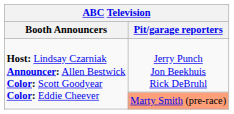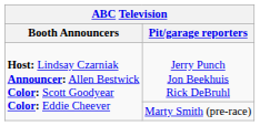 <table class="wikitable" style="font-size: 95%;">
 <tr>
 <th colspan=2><a href='#'>ABC</a> <a href='#'>Television</a></th>
 </tr>
 <tr>
 <th>Booth Announcers</th>
 <th><a href='#'>Pit/garage reporters</a></th>
 </tr>
 <tr>
 <td valign="top" rowspan=2><br><strong>Host:</strong> <a href='#'>Lindsay Czarniak</a><br> <strong><a href='#'>Announcer</a>:</strong> <a href='#'>Allen Bestwick</a><br> <strong><a href='#'>Color</a>:</strong> <a href='#'>Scott Goodyear</a><br> <strong><a href='#'>Color</a>:</strong> <a href='#'>Eddie Cheever</a><br></td>
 <td align="center" valign="top"><br><a href='#'>Jerry Punch</a><br><a href='#'>Jon Beekhuis</a><br><a href='#'>Rick DeBruhl</a><br></td>
 </tr>
 <tr>
-<td align="center" valign="top" style="background: lightsalmon;"><a href='#'>Marty Smith</a> (pre-race)</td>
+<td align="center" valign="top"><a href='#'>Marty Smith</a> (pre-race)</td>
 </tr>
 </table>
